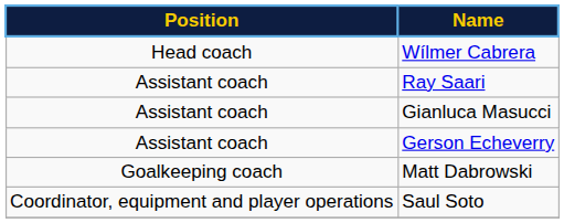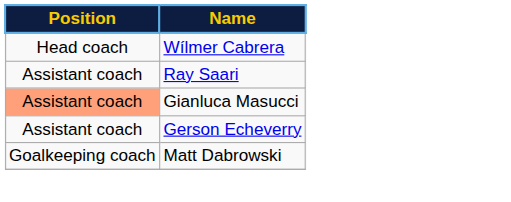 <table class="wikitable" style="text-align:center;">
 <tr>
 <th style="background:#0D1D41; color:#F8CC00; border:2px solid #5FAFE4;">Position</th>
 <th style="background:#0D1D41; color:#F8CC00; border:2px solid #5FAFE4;">Name</th>
 </tr>
 <tr>
 <td>Head coach</td>
 <td align=left> <a href='#'>Wílmer Cabrera</a></td>
 </tr>
 <tr>
 <td>Assistant coach</td>
 <td align=left> <a href='#'>Ray Saari</a></td>
 </tr>
 <tr>
-<td>Assistant coach</td>
+<td style="background: lightsalmon;">Assistant coach</td>
 <td align=left> Gianluca Masucci</td>
 </tr>
 <tr>
 <td>Assistant coach</td>
 <td align=left> <a href='#'>Gerson Echeverry</a></td>
 </tr>
 <tr>
 <td>Goalkeeping coach</td>
 <td align=left> Matt Dabrowski</td>
 </tr>
 <tr>
-<td>Coordinator, equipment and player operations</td>
-<td align=left> Saul Soto</td>
-</tr>
-<tr>
 </tr>
 </table>
